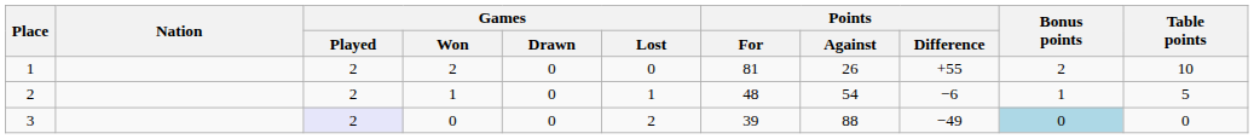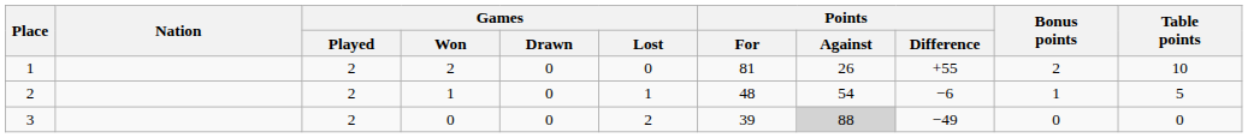 <table class="wikitable" width="98%">
 <tr>
 <th rowspan=2 width="4%">Place</th>
 <th rowspan=2 width="20%">Nation</th>
 <th colspan=4 width="32%">Games</th>
 <th colspan=3 width="24%">Points</th>
 <th rowspan=2 width="10%">Bonus<br>points</th>
 <th rowspan=2 width="10%">Table<br>points</th>
 </tr>
 <tr>
 <th width="8%">Played</th>
 <th width="8%">Won</th>
 <th width="8%">Drawn</th>
 <th width="8%">Lost</th>
 <th width="8%">For</th>
 <th width="8%">Against</th>
 <th width="8%">Difference</th>
 </tr>
 <tr align=center>
 <td>1</td>
 <td align=left></td>
 <td>2</td>
 <td>2</td>
 <td>0</td>
 <td>0</td>
 <td>81</td>
 <td>26</td>
 <td>+55</td>
 <td>2</td>
 <td>10</td>
 </tr>
 <tr align=center>
 <td>2</td>
 <td align=left></td>
 <td>2</td>
 <td>1</td>
 <td>0</td>
 <td>1</td>
 <td>48</td>
 <td>54</td>
 <td>−6</td>
 <td>1</td>
 <td>5</td>
 </tr>
 <tr align=center>
 <td>3</td>
 <td align=left></td>
-<td style="background: lavender;">2</td>
+<td>2</td>
 <td>0</td>
 <td>0</td>
 <td>2</td>
 <td>39</td>
-<td>88</td>
+<td style="background: lightgrey;">88</td>
 <td>−49</td>
-<td style="background: lightblue;">0</td>
+<td>0</td>
 <td>0</td>
 </tr>
 </table>
